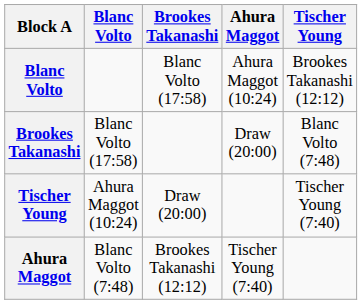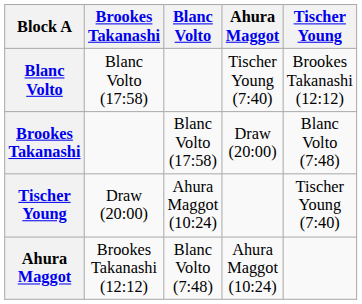 <table class="wikitable" style="text-align:center; margin: 1em auto 1em auto">
 <tr>
 <th>Block A</th>
+<th><a href='#'>Brookes</a><br><a href='#'>Takanashi</a></th>
 <th><a href='#'>Blanc</a><br><a href='#'>Volto</a></th>
-<th><a href='#'>Brookes</a><br><a href='#'>Takanashi</a></th>
 <th>Ahura<br><a href='#'>Maggot</a></th>
 <th><a href='#'>Tischer</a><br><a href='#'>Young</a></th>
 </tr>
 <tr>
 <th><a href='#'>Blanc</a><br><a href='#'>Volto</a></th>
+<td>Blanc<br>Volto<br>(17:58)</td>
 <td></td>
-<td>Blanc<br>Volto<br>(17:58)</td>
-<td>Ahura<br>Maggot<br>(10:24)</td>
+<td>Tischer<br>Young<br>(7:40)</td>
 <td>Brookes<br>Takanashi<br>(12:12)</td>
 </tr>
 <tr>
 <th><a href='#'>Brookes</a><br><a href='#'>Takanashi</a></th>
+<td></td>
 <td>Blanc<br>Volto<br>(17:58)</td>
-<td></td>
 <td>Draw<br>(20:00)</td>
 <td>Blanc<br>Volto<br>(7:48)</td>
 </tr>
 <tr>
 <th><a href='#'>Tischer</a><br><a href='#'>Young</a></th>
+<td>Draw<br>(20:00)</td>
 <td>Ahura<br>Maggot<br>(10:24)</td>
-<td>Draw<br>(20:00)</td>
 <td></td>
 <td>Tischer<br>Young<br>(7:40)</td>
 </tr>
 <tr>
 <th>Ahura<br><a href='#'>Maggot</a></th>
+<td>Brookes<br>Takanashi<br>(12:12)</td>
 <td>Blanc<br>Volto<br>(7:48)</td>
-<td>Brookes<br>Takanashi<br>(12:12)</td>
-<td>Tischer<br>Young<br>(7:40)</td>
+<td>Ahura<br>Maggot<br>(10:24)</td>
 <td></td>
 </tr>
 </table>
